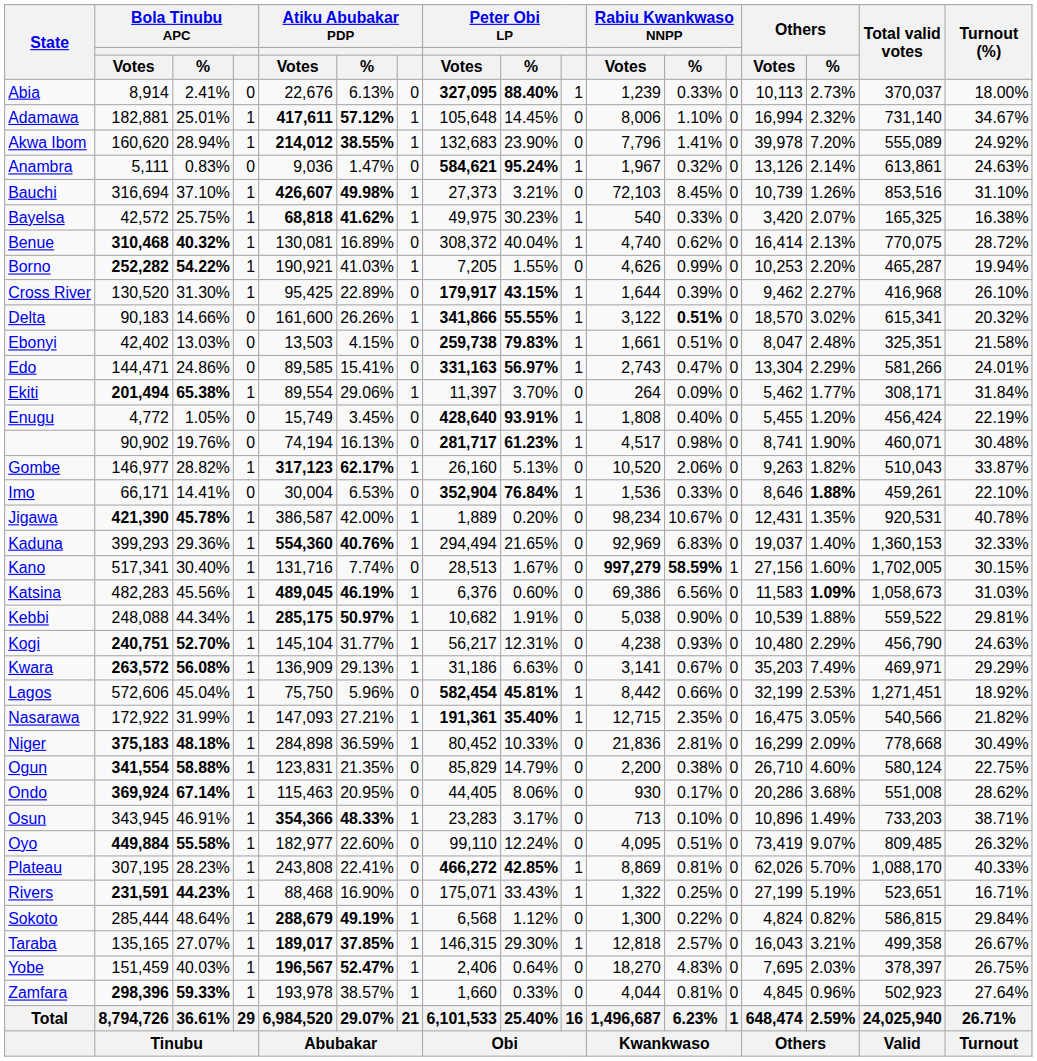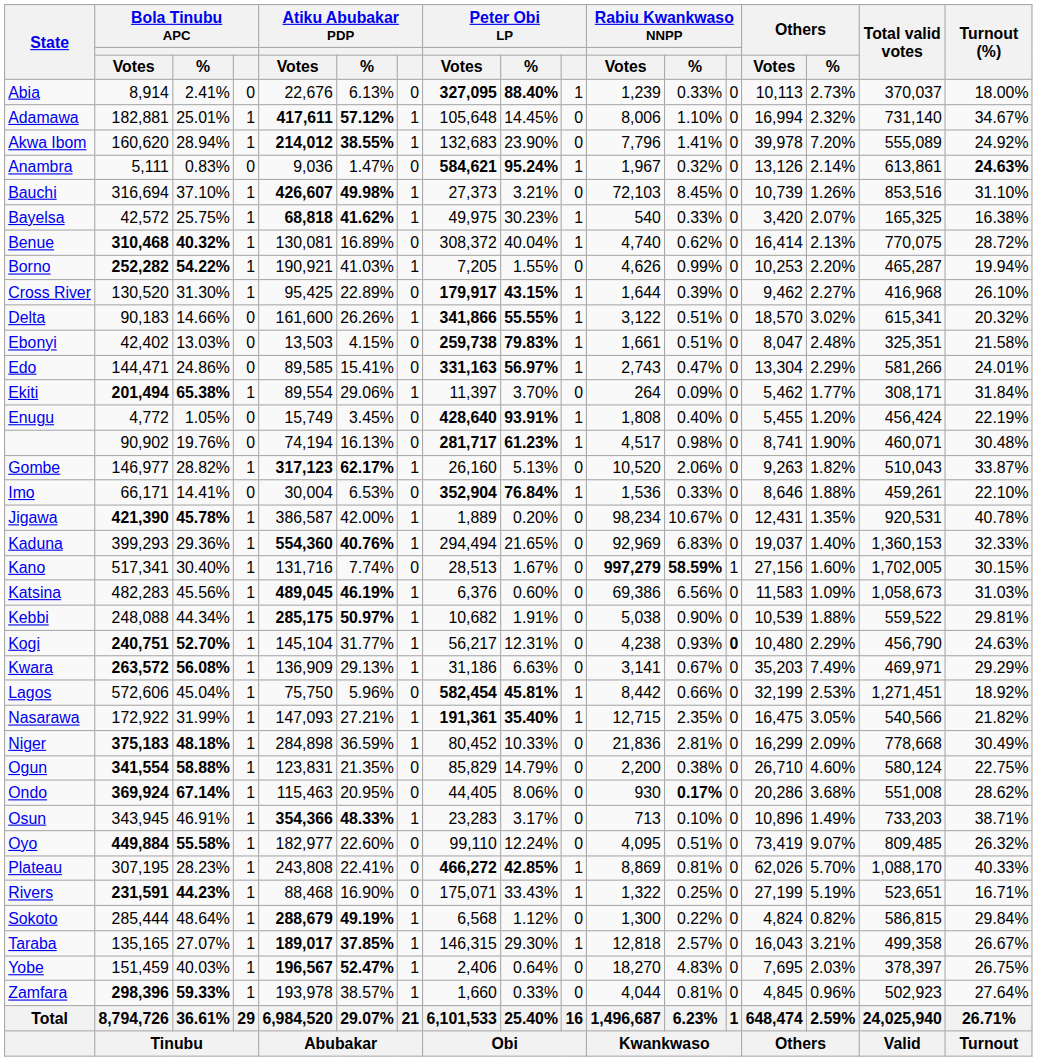 <table class="wikitable sortable" style="text-align:right; font-size:90%">
 <tr>
 <th rowspan="3" style="max-width:7.5em;"><a href='#'>State</a></th>
 <th colspan="3"><a href='#'>Bola Tinubu</a><br><small>APC</small></th>
 <th colspan="3"><a href='#'>Atiku Abubakar</a><br><small>PDP</small></th>
 <th colspan="3"><a href='#'>Peter Obi</a><br><small>LP</small></th>
 <th colspan="3"><a href='#'>Rabiu Kwankwaso</a><br><small>NNPP</small></th>
 <th colspan="2" rowspan="2">Others</th>
 <th rowspan="3" style="max-width:5em;">Total valid votes</th>
 <th rowspan="3" style="max-width:5em;">Turnout (%)</th>
 </tr>
 <tr>
 <th colspan=3 style="background-color:"></th>
 <th colspan=3 style="background-color:"></th>
 <th colspan=3 style="background-color:"></th>
 <th colspan=3 style="background-color:"></th>
 </tr>
 <tr>
 <th>Votes</th>
 <th>%</th>
 <th></th>
 <th>Votes</th>
 <th>%</th>
 <th></th>
 <th>Votes</th>
 <th>%</th>
 <th></th>
 <th>Votes</th>
 <th>%</th>
 <th></th>
 <th>Votes</th>
 <th>%</th>
 </tr>
 <tr style="background-color:#">
 <td style="text-align:left;"><a href='#'>Abia</a></td>
 <td>8,914</td>
 <td>2.41%</td>
 <td>0</td>
 <td>22,676</td>
 <td>6.13%</td>
 <td>0</td>
 <td><strong>327,095</strong></td>
 <td><strong>88.40%</strong></td>
 <td>1</td>
 <td>1,239</td>
 <td>0.33%</td>
 <td>0</td>
 <td>10,113</td>
 <td>2.73%</td>
 <td>370,037</td>
 <td>18.00%</td>
 </tr>
 <tr style="background-color:#">
 <td style="text-align:left;"><a href='#'>Adamawa</a></td>
 <td>182,881</td>
 <td>25.01%</td>
 <td>1</td>
 <td><strong>417,611</strong></td>
 <td><strong>57.12%</strong></td>
 <td>1</td>
 <td>105,648</td>
 <td>14.45%</td>
 <td>0</td>
 <td>8,006</td>
 <td>1.10%</td>
 <td>0</td>
 <td>16,994</td>
 <td>2.32%</td>
 <td>731,140</td>
 <td>34.67%</td>
 </tr>
 <tr style="background-color:#">
 <td style="text-align:left;"><a href='#'>Akwa Ibom</a></td>
 <td>160,620</td>
 <td>28.94%</td>
 <td>1</td>
 <td><strong>214,012</strong></td>
 <td><strong>38.55%</strong></td>
 <td>1</td>
 <td>132,683</td>
 <td>23.90%</td>
 <td>0</td>
 <td>7,796</td>
 <td>1.41%</td>
 <td>0</td>
 <td>39,978</td>
 <td>7.20%</td>
 <td>555,089</td>
 <td>24.92%</td>
 </tr>
 <tr style="background-color:#">
 <td style="text-align:left;"><a href='#'>Anambra</a></td>
 <td>5,111</td>
 <td>0.83%</td>
 <td>0</td>
 <td>9,036</td>
 <td>1.47%</td>
 <td>0</td>
 <td><strong>584,621</strong></td>
 <td><strong>95.24%</strong></td>
 <td>1</td>
 <td>1,967</td>
 <td>0.32%</td>
 <td>0</td>
 <td>13,126</td>
 <td>2.14%</td>
 <td>613,861</td>
-<td>24.63%</td>
+<td><strong>24.63%</strong></td>
 </tr>
 <tr style="background-color:#">
 <td style="text-align:left;"><a href='#'>Bauchi</a></td>
 <td>316,694</td>
 <td>37.10%</td>
 <td>1</td>
 <td><strong>426,607</strong></td>
 <td><strong>49.98%</strong></td>
 <td>1</td>
 <td>27,373</td>
 <td>3.21%</td>
 <td>0</td>
 <td>72,103</td>
 <td>8.45%</td>
 <td>0</td>
 <td>10,739</td>
 <td>1.26%</td>
 <td>853,516</td>
 <td>31.10%</td>
 </tr>
 <tr style="background-color:#">
 <td style="text-align:left;"><a href='#'>Bayelsa</a></td>
 <td>42,572</td>
 <td>25.75%</td>
 <td>1</td>
 <td><strong>68,818</strong></td>
 <td><strong>41.62%</strong></td>
 <td>1</td>
 <td>49,975</td>
 <td>30.23%</td>
 <td>1</td>
 <td>540</td>
 <td>0.33%</td>
 <td>0</td>
 <td>3,420</td>
 <td>2.07%</td>
 <td>165,325</td>
 <td>16.38%</td>
 </tr>
 <tr style="background-color:#">
 <td style="text-align:left;"><a href='#'>Benue</a></td>
 <td><strong>310,468</strong></td>
 <td><strong>40.32%</strong></td>
 <td>1</td>
 <td>130,081</td>
 <td>16.89%</td>
 <td>0</td>
 <td>308,372</td>
 <td>40.04%</td>
 <td>1</td>
 <td>4,740</td>
 <td>0.62%</td>
 <td>0</td>
 <td>16,414</td>
 <td>2.13%</td>
 <td>770,075</td>
 <td>28.72%</td>
 </tr>
 <tr style="background-color:#">
 <td style="text-align:left;"><a href='#'>Borno</a></td>
 <td><strong>252,282</strong></td>
 <td><strong>54.22%</strong></td>
 <td>1</td>
 <td>190,921</td>
 <td>41.03%</td>
 <td>1</td>
 <td>7,205</td>
 <td>1.55%</td>
 <td>0</td>
 <td>4,626</td>
 <td>0.99%</td>
 <td>0</td>
 <td>10,253</td>
 <td>2.20%</td>
 <td>465,287</td>
 <td>19.94%</td>
 </tr>
 <tr style="background-color:#">
 <td style="text-align:left;"><a href='#'>Cross River</a></td>
 <td>130,520</td>
 <td>31.30%</td>
 <td>1</td>
 <td>95,425</td>
 <td>22.89%</td>
 <td>0</td>
 <td><strong>179,917</strong></td>
 <td><strong>43.15%</strong></td>
 <td>1</td>
 <td>1,644</td>
 <td>0.39%</td>
 <td>0</td>
 <td>9,462</td>
 <td>2.27%</td>
 <td>416,968</td>
 <td>26.10%</td>
 </tr>
 <tr style="background-color:#">
 <td style="text-align:left;"><a href='#'>Delta</a></td>
 <td>90,183</td>
 <td>14.66%</td>
 <td>0</td>
 <td>161,600</td>
 <td>26.26%</td>
 <td>1</td>
 <td><strong>341,866</strong></td>
 <td><strong>55.55%</strong></td>
 <td>1</td>
 <td>3,122</td>
-<td><strong>0.51%</strong></td>
+<td>0.51%</td>
 <td>0</td>
 <td>18,570</td>
 <td>3.02%</td>
 <td>615,341</td>
 <td>20.32%</td>
 </tr>
 <tr style="background-color:#">
 <td style="text-align:left;"><a href='#'>Ebonyi</a></td>
 <td>42,402</td>
 <td>13.03%</td>
 <td>0</td>
 <td>13,503</td>
 <td>4.15%</td>
 <td>0</td>
 <td><strong>259,738</strong></td>
 <td><strong>79.83%</strong></td>
 <td>1</td>
 <td>1,661</td>
 <td>0.51%</td>
 <td>0</td>
 <td>8,047</td>
 <td>2.48%</td>
 <td>325,351</td>
 <td>21.58%</td>
 </tr>
 <tr style="background-color:#">
 <td style="text-align:left;"><a href='#'>Edo</a></td>
 <td>144,471</td>
 <td>24.86%</td>
 <td>0</td>
 <td>89,585</td>
 <td>15.41%</td>
 <td>0</td>
 <td><strong>331,163</strong></td>
 <td><strong>56.97%</strong></td>
 <td>1</td>
 <td>2,743</td>
 <td>0.47%</td>
 <td>0</td>
 <td>13,304</td>
 <td>2.29%</td>
 <td>581,266</td>
 <td>24.01%</td>
 </tr>
 <tr style="background-color:#">
 <td style="text-align:left;"><a href='#'>Ekiti</a></td>
 <td><strong>201,494</strong></td>
 <td><strong>65.38%</strong></td>
 <td>1</td>
 <td>89,554</td>
 <td>29.06%</td>
 <td>1</td>
 <td>11,397</td>
 <td>3.70%</td>
 <td>0</td>
 <td>264</td>
 <td>0.09%</td>
 <td>0</td>
 <td>5,462</td>
 <td>1.77%</td>
 <td>308,171</td>
 <td>31.84%</td>
 </tr>
 <tr style="background-color:#">
 <td style="text-align:left;"><a href='#'>Enugu</a></td>
 <td>4,772</td>
 <td>1.05%</td>
 <td>0</td>
 <td>15,749</td>
 <td>3.45%</td>
 <td>0</td>
 <td><strong>428,640</strong></td>
 <td><strong>93.91%</strong></td>
 <td>1</td>
 <td>1,808</td>
 <td>0.40%</td>
 <td>0</td>
 <td>5,455</td>
 <td>1.20%</td>
 <td>456,424</td>
 <td>22.19%</td>
 </tr>
 <tr style="background-color:#">
 <td style="text-align:left;"><a href='#'></a></td>
 <td>90,902</td>
 <td>19.76%</td>
 <td>0</td>
 <td>74,194</td>
 <td>16.13%</td>
 <td>0</td>
 <td><strong>281,717</strong></td>
 <td><strong>61.23%</strong></td>
 <td>1</td>
 <td>4,517</td>
 <td>0.98%</td>
 <td>0</td>
 <td>8,741</td>
 <td>1.90%</td>
 <td>460,071</td>
 <td>30.48%</td>
 </tr>
 <tr style="background-color:#">
 <td style="text-align:left;"><a href='#'>Gombe</a></td>
 <td>146,977</td>
 <td>28.82%</td>
 <td>1</td>
 <td><strong>317,123</strong></td>
 <td><strong>62.17%</strong></td>
 <td>1</td>
 <td>26,160</td>
 <td>5.13%</td>
 <td>0</td>
 <td>10,520</td>
 <td>2.06%</td>
 <td>0</td>
 <td>9,263</td>
 <td>1.82%</td>
 <td>510,043</td>
 <td>33.87%</td>
 </tr>
 <tr style="background-color:#">
 <td style="text-align:left;"><a href='#'>Imo</a></td>
 <td>66,171</td>
 <td>14.41%</td>
 <td>0</td>
 <td>30,004</td>
 <td>6.53%</td>
 <td>0</td>
 <td><strong>352,904</strong></td>
 <td><strong>76.84%</strong></td>
 <td>1</td>
 <td>1,536</td>
 <td>0.33%</td>
 <td>0</td>
 <td>8,646</td>
-<td><strong>1.88%</strong></td>
+<td>1.88%</td>
 <td>459,261</td>
 <td>22.10%</td>
 </tr>
 <tr style="background-color:#">
 <td style="text-align:left;"><a href='#'>Jigawa</a></td>
 <td><strong>421,390</strong></td>
 <td><strong>45.78%</strong></td>
 <td>1</td>
 <td>386,587</td>
 <td>42.00%</td>
 <td>1</td>
 <td>1,889</td>
 <td>0.20%</td>
 <td>0</td>
 <td>98,234</td>
 <td>10.67%</td>
 <td>0</td>
 <td>12,431</td>
 <td>1.35%</td>
 <td>920,531</td>
 <td>40.78%</td>
 </tr>
 <tr style="background-color:#">
 <td style="text-align:left;"><a href='#'>Kaduna</a></td>
 <td>399,293</td>
 <td>29.36%</td>
 <td>1</td>
 <td><strong>554,360</strong></td>
 <td><strong>40.76%</strong></td>
 <td>1</td>
 <td>294,494</td>
 <td>21.65%</td>
 <td>0</td>
 <td>92,969</td>
 <td>6.83%</td>
 <td>0</td>
 <td>19,037</td>
 <td>1.40%</td>
 <td>1,360,153</td>
 <td>32.33%</td>
 </tr>
 <tr style="background-color:#">
 <td style="text-align:left;"><a href='#'>Kano</a></td>
 <td>517,341</td>
 <td>30.40%</td>
 <td>1</td>
 <td>131,716</td>
 <td>7.74%</td>
 <td>0</td>
 <td>28,513</td>
 <td>1.67%</td>
 <td>0</td>
 <td><strong>997,279</strong></td>
 <td><strong>58.59%</strong></td>
 <td>1</td>
 <td>27,156</td>
 <td>1.60%</td>
 <td>1,702,005</td>
 <td>30.15%</td>
 </tr>
 <tr style="background-color:#">
 <td style="text-align:left;"><a href='#'>Katsina</a></td>
 <td>482,283</td>
 <td>45.56%</td>
 <td>1</td>
 <td><strong>489,045</strong></td>
 <td><strong>46.19%</strong></td>
 <td>1</td>
 <td>6,376</td>
 <td>0.60%</td>
 <td>0</td>
 <td>69,386</td>
 <td>6.56%</td>
 <td>0</td>
 <td>11,583</td>
-<td><strong>1.09%</strong></td>
+<td>1.09%</td>
 <td>1,058,673</td>
 <td>31.03%</td>
 </tr>
 <tr style="background-color:#">
 <td style="text-align:left;"><a href='#'>Kebbi</a></td>
 <td>248,088</td>
 <td>44.34%</td>
 <td>1</td>
 <td><strong>285,175</strong></td>
 <td><strong>50.97%</strong></td>
 <td>1</td>
 <td>10,682</td>
 <td>1.91%</td>
 <td>0</td>
 <td>5,038</td>
 <td>0.90%</td>
 <td>0</td>
 <td>10,539</td>
 <td>1.88%</td>
 <td>559,522</td>
 <td>29.81%</td>
 </tr>
 <tr style="background-color:#">
 <td style="text-align:left;"><a href='#'>Kogi</a></td>
 <td><strong>240,751</strong></td>
 <td><strong>52.70%</strong></td>
 <td>1</td>
 <td>145,104</td>
 <td>31.77%</td>
 <td>1</td>
 <td>56,217</td>
 <td>12.31%</td>
 <td>0</td>
 <td>4,238</td>
 <td>0.93%</td>
-<td>0</td>
+<td><strong>0</strong></td>
 <td>10,480</td>
 <td>2.29%</td>
 <td>456,790</td>
 <td>24.63%</td>
 </tr>
 <tr style="background-color:#">
 <td style="text-align:left;"><a href='#'>Kwara</a></td>
 <td><strong>263,572</strong></td>
 <td><strong>56.08%</strong></td>
 <td>1</td>
 <td>136,909</td>
 <td>29.13%</td>
 <td>1</td>
 <td>31,186</td>
 <td>6.63%</td>
 <td>0</td>
 <td>3,141</td>
 <td>0.67%</td>
 <td>0</td>
 <td>35,203</td>
 <td>7.49%</td>
 <td>469,971</td>
 <td>29.29%</td>
 </tr>
 <tr style="background-color:#">
 <td style="text-align:left;"><a href='#'>Lagos</a></td>
 <td>572,606</td>
 <td>45.04%</td>
 <td>1</td>
 <td>75,750</td>
 <td>5.96%</td>
 <td>0</td>
 <td><strong>582,454</strong></td>
 <td><strong>45.81%</strong></td>
 <td>1</td>
 <td>8,442</td>
 <td>0.66%</td>
 <td>0</td>
 <td>32,199</td>
 <td>2.53%</td>
 <td>1,271,451</td>
 <td>18.92%</td>
 </tr>
 <tr style="background-color:#">
 <td style="text-align:left;"><a href='#'>Nasarawa</a></td>
 <td>172,922</td>
 <td>31.99%</td>
 <td>1</td>
 <td>147,093</td>
 <td>27.21%</td>
 <td>1</td>
 <td><strong>191,361</strong></td>
 <td><strong>35.40%</strong></td>
 <td>1</td>
 <td>12,715</td>
 <td>2.35%</td>
 <td>0</td>
 <td>16,475</td>
 <td>3.05%</td>
 <td>540,566</td>
 <td>21.82%</td>
 </tr>
 <tr style="background-color:#">
 <td style="text-align:left;"><a href='#'>Niger</a></td>
 <td><strong>375,183</strong></td>
 <td><strong>48.18%</strong></td>
 <td>1</td>
 <td>284,898</td>
 <td>36.59%</td>
 <td>1</td>
 <td>80,452</td>
 <td>10.33%</td>
 <td>0</td>
 <td>21,836</td>
 <td>2.81%</td>
 <td>0</td>
 <td>16,299</td>
 <td>2.09%</td>
 <td>778,668</td>
 <td>30.49%</td>
 </tr>
 <tr style="background-color:#">
 <td style="text-align:left;"><a href='#'>Ogun</a></td>
 <td><strong>341,554</strong></td>
 <td><strong>58.88%</strong></td>
 <td>1</td>
 <td>123,831</td>
 <td>21.35%</td>
 <td>0</td>
 <td>85,829</td>
 <td>14.79%</td>
 <td>0</td>
 <td>2,200</td>
 <td>0.38%</td>
 <td>0</td>
 <td>26,710</td>
 <td>4.60%</td>
 <td>580,124</td>
 <td>22.75%</td>
 </tr>
 <tr style="background-color:#">
 <td style="text-align:left;"><a href='#'>Ondo</a></td>
 <td><strong>369,924</strong></td>
 <td><strong>67.14%</strong></td>
 <td>1</td>
 <td>115,463</td>
 <td>20.95%</td>
 <td>0</td>
 <td>44,405</td>
 <td>8.06%</td>
 <td>0</td>
 <td>930</td>
-<td>0.17%</td>
+<td><strong>0.17%</strong></td>
 <td>0</td>
 <td>20,286</td>
 <td>3.68%</td>
 <td>551,008</td>
 <td>28.62%</td>
 </tr>
 <tr style="background-color:#">
 <td style="text-align:left;"><a href='#'>Osun</a></td>
 <td>343,945</td>
 <td>46.91%</td>
 <td>1</td>
 <td><strong>354,366</strong></td>
 <td><strong>48.33%</strong></td>
 <td>1</td>
 <td>23,283</td>
 <td>3.17%</td>
 <td>0</td>
 <td>713</td>
 <td>0.10%</td>
 <td>0</td>
 <td>10,896</td>
 <td>1.49%</td>
 <td>733,203</td>
 <td>38.71%</td>
 </tr>
 <tr style="background-color:#">
 <td style="text-align:left;"><a href='#'>Oyo</a></td>
 <td><strong>449,884</strong></td>
 <td><strong>55.58%</strong></td>
 <td>1</td>
 <td>182,977</td>
 <td>22.60%</td>
 <td>0</td>
 <td>99,110</td>
 <td>12.24%</td>
 <td>0</td>
 <td>4,095</td>
 <td>0.51%</td>
 <td>0</td>
 <td>73,419</td>
 <td>9.07%</td>
 <td>809,485</td>
 <td>26.32%</td>
 </tr>
 <tr style="background-color:#">
 <td style="text-align:left;"><a href='#'>Plateau</a></td>
 <td>307,195</td>
 <td>28.23%</td>
 <td>1</td>
 <td>243,808</td>
 <td>22.41%</td>
 <td>0</td>
 <td><strong>466,272</strong></td>
 <td><strong>42.85%</strong></td>
 <td>1</td>
 <td>8,869</td>
 <td>0.81%</td>
 <td>0</td>
 <td>62,026</td>
 <td>5.70%</td>
 <td>1,088,170</td>
 <td>40.33%</td>
 </tr>
 <tr style="background-color:#">
 <td style="text-align:left;"><a href='#'>Rivers</a></td>
 <td><strong>231,591</strong></td>
 <td><strong>44.23%</strong></td>
 <td>1</td>
 <td>88,468</td>
 <td>16.90%</td>
 <td>0</td>
 <td>175,071</td>
 <td>33.43%</td>
 <td>1</td>
 <td>1,322</td>
 <td>0.25%</td>
 <td>0</td>
 <td>27,199</td>
 <td>5.19%</td>
 <td>523,651</td>
 <td>16.71%</td>
 </tr>
 <tr style="background-color:#">
 <td style="text-align:left;"><a href='#'>Sokoto</a></td>
 <td>285,444</td>
 <td>48.64%</td>
 <td>1</td>
 <td><strong>288,679</strong></td>
 <td><strong>49.19%</strong></td>
 <td>1</td>
 <td>6,568</td>
 <td>1.12%</td>
 <td>0</td>
 <td>1,300</td>
 <td>0.22%</td>
 <td>0</td>
 <td>4,824</td>
 <td>0.82%</td>
 <td>586,815</td>
 <td>29.84%</td>
 </tr>
 <tr style="background-color:#">
 <td style="text-align:left;"><a href='#'>Taraba</a></td>
 <td>135,165</td>
 <td>27.07%</td>
 <td>1</td>
 <td><strong>189,017</strong></td>
 <td><strong>37.85%</strong></td>
 <td>1</td>
 <td>146,315</td>
 <td>29.30%</td>
 <td>1</td>
 <td>12,818</td>
 <td>2.57%</td>
 <td>0</td>
 <td>16,043</td>
 <td>3.21%</td>
 <td>499,358</td>
 <td>26.67%</td>
 </tr>
 <tr style="background-color:#">
 <td style="text-align:left;"><a href='#'>Yobe</a></td>
 <td>151,459</td>
 <td>40.03%</td>
 <td>1</td>
 <td><strong>196,567</strong></td>
 <td><strong>52.47%</strong></td>
 <td>1</td>
 <td>2,406</td>
 <td>0.64%</td>
 <td>0</td>
 <td>18,270</td>
 <td>4.83%</td>
 <td>0</td>
 <td>7,695</td>
 <td>2.03%</td>
 <td>378,397</td>
 <td>26.75%</td>
 </tr>
 <tr style="background-color:#">
 <td style="text-align:left;"><a href='#'>Zamfara</a></td>
 <td><strong>298,396</strong></td>
 <td><strong>59.33%</strong></td>
 <td>1</td>
 <td>193,978</td>
 <td>38.57%</td>
 <td>1</td>
 <td>1,660</td>
 <td>0.33%</td>
 <td>0</td>
 <td>4,044</td>
 <td>0.81%</td>
 <td>0</td>
 <td>4,845</td>
 <td>0.96%</td>
 <td>502,923</td>
 <td>27.64%</td>
 </tr>
 <tr>
 <th>Total</th>
 <th>8,794,726</th>
 <th>36.61%</th>
 <th>29</th>
 <th>6,984,520</th>
 <th>29.07%</th>
 <th>21</th>
 <th>6,101,533</th>
 <th>25.40%</th>
 <th>16</th>
 <th>1,496,687</th>
 <th>6.23%</th>
 <th>1</th>
 <th>648,474</th>
 <th>2.59%</th>
 <th>24,025,940</th>
 <th>26.71%</th>
 </tr>
 <tr>
 <th></th>
 <th colspan=3>Tinubu</th>
 <th colspan=3>Abubakar</th>
 <th colspan=3>Obi</th>
 <th colspan=3>Kwankwaso</th>
 <th colspan=2>Others</th>
 <th>Valid</th>
 <th>Turnout</th>
 </tr>
 </table>
